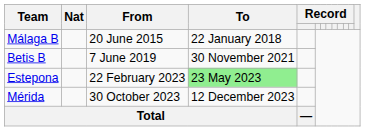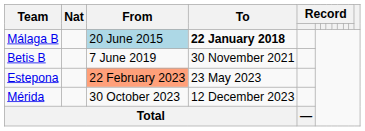 <table class="wikitable" style="text-align: center">
 <tr>
 <th rowspan="2">Team</th>
 <th rowspan="2">Nat</th>
 <th rowspan="2">From</th>
 <th rowspan="2">To</th>
 <th colspan="8">Record</th>
 <th rowspan=2></th>
 </tr>
 <tr>
 <th></th>
 <th></th>
 <th></th>
 <th></th>
 <th></th>
 <th></th>
 <th></th>
 <th></th>
 </tr>
 <tr>
 <td align=left><a href='#'>Málaga B</a></td>
 <td></td>
-<td align=left>20 June 2015</td>
-<td align=left>22 January 2018<br></td>
+<td align=left style="background: lightblue;">20 June 2015</td>
+<td align=left><strong>22 January 2018<br></strong></td>
 <td></td>
 </tr>
 <tr>
 <td align=left><a href='#'>Betis B</a></td>
 <td></td>
 <td align=left>7 June 2019</td>
 <td align=left>30 November 2021<br></td>
 <td></td>
 </tr>
 <tr>
 <td align=left><a href='#'>Estepona</a></td>
 <td></td>
-<td align=left>22 February 2023</td>
-<td align=left style="background: lightgreen;">23 May 2023<br></td>
+<td align=left style="background: lightsalmon;">22 February 2023</td>
+<td align=left>23 May 2023<br></td>
 <td></td>
 </tr>
 <tr>
 <td align=left><a href='#'>Mérida</a></td>
 <td></td>
 <td align=left>30 October 2023</td>
 <td align=left>12 December 2023<br></td>
 <td></td>
 </tr>
 <tr>
 <th colspan="4">Total<br></th>
 <th>—</th>
 </tr>
 </table>
